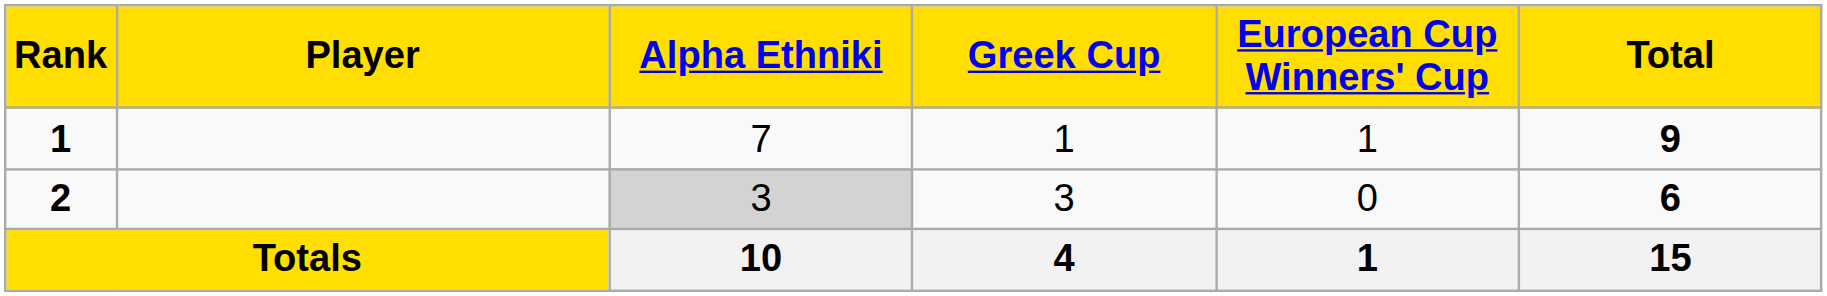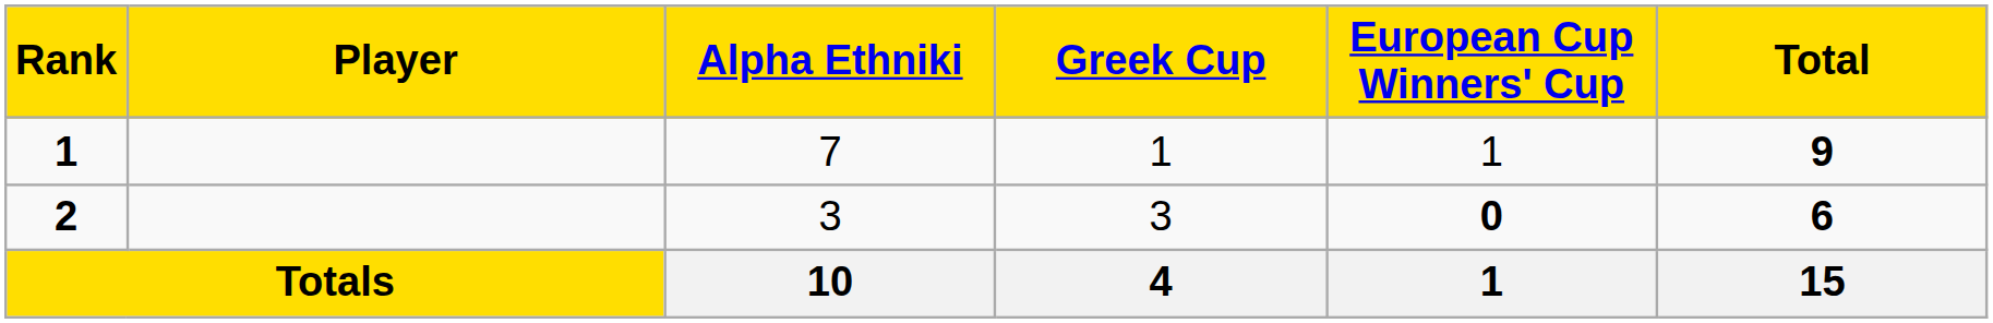 <table class="wikitable sortable" style="text-align:center">
 <tr>
 <th style="background:#FFDE00">Rank</th>
 <th width=200 style="background:#FFDE00">Player</th>
 <th width=120 style="background:#FFDE00"><a href='#'>Alpha Ethniki</a></th>
 <th width=120 style="background:#FFDE00"><a href='#'>Greek Cup</a></th>
 <th width=120 style="background:#FFDE00"><a href='#'>European Cup Winners' Cup</a></th>
 <th width=120 style="background:#FFDE00">Total</th>
 </tr>
 <tr>
 <td><strong>1</strong></td>
 <td align=left></td>
 <td>7</td>
 <td>1</td>
 <td>1</td>
 <td><strong>9</strong></td>
 </tr>
 <tr>
 <td><strong>2</strong></td>
 <td align=left></td>
-<td style="background: lightgrey;">3</td>
 <td>3</td>
-<td>0</td>
+<td>3</td>
+<td><strong>0</strong></td>
 <td><strong>6</strong></td>
 </tr>
 <tr class="sortbottom">
 <th colspan=2 style="background:#FFDE00"><strong>Totals</strong></th>
 <th><strong>10</strong></th>
 <th><strong> 4</strong></th>
 <th><strong> 1</strong></th>
 <th><strong>15</strong></th>
 </tr>
 </table>
